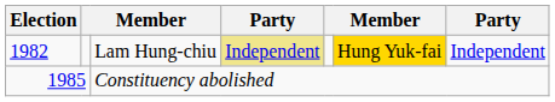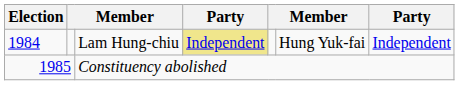 <table class="wikitable">
 <tr>
 <th>Election</th>
 <th colspan="2">Member</th>
 <th>Party</th>
 <th colspan="2">Member</th>
 <th>Party</th>
 </tr>
 <tr>
-<td><a href='#'>1982</a></td>
+<td><a href='#'>1984</a></td>
 <td style="background-color: "></td>
 <td>Lam Hung-chiu</td>
 <td style="background: khaki;"><a href='#'>Independent</a></td>
 <td style="background-color: "></td>
-<td style="background: gold;">Hung Yuk-fai</td>
+<td>Hung Yuk-fai</td>
 <td><a href='#'>Independent</a></td>
 </tr>
 <tr>
 <td colspan=2 align=right><a href='#'>1985</a></td>
 <td colspan=5><em>Constituency abolished</em></td>
 </tr>
 </table>
